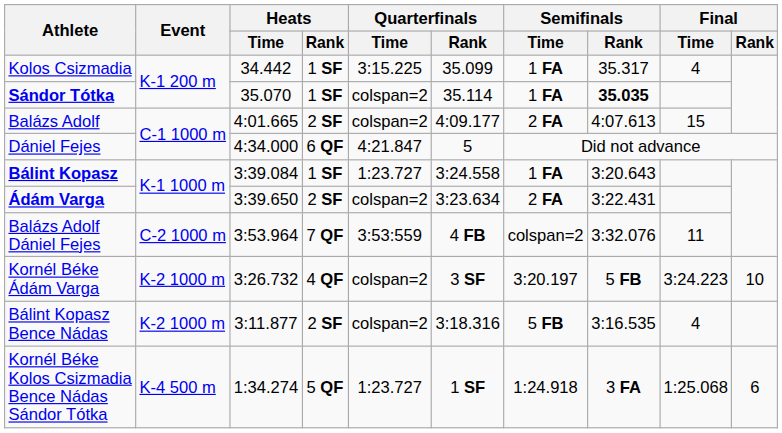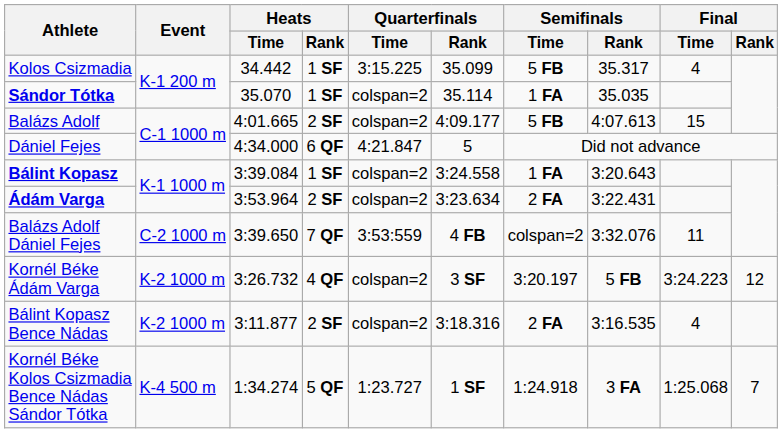 <table class=wikitable style="font-size:90%">
 <tr>
 <th rowspan="2">Athlete</th>
 <th rowspan="2">Event</th>
 <th colspan=2>Heats</th>
 <th colspan=2>Quarterfinals</th>
 <th colspan=2>Semifinals</th>
 <th colspan=2>Final</th>
 </tr>
 <tr style="font-size:95%">
 <th>Time</th>
 <th>Rank</th>
 <th>Time</th>
 <th>Rank</th>
 <th>Time</th>
 <th>Rank</th>
 <th>Time</th>
 <th>Rank</th>
 </tr>
 <tr align=center>
 <td align=left><a href='#'>Kolos Csizmadia</a></td>
 <td align=left rowspan=2><a href='#'>K-1 200 m</a></td>
 <td>34.442</td>
 <td>1 <strong>SF</strong></td>
 <td>3:15.225</td>
 <td>35.099</td>
-<td>1 <strong>FA</strong></td>
+<td>5 <strong>FB</strong></td>
 <td>35.317</td>
 <td>4</td>
 </tr>
 <tr align=center>
 <td align=left><strong><a href='#'>Sándor Tótka</a></strong></td>
 <td>35.070</td>
 <td>1 <strong>SF</strong></td>
 <td>colspan=2 </td>
 <td>35.114</td>
 <td>1 <strong>FA</strong></td>
-<td><strong>35.035</strong></td>
+<td>35.035</td>
 <td></td>
 </tr>
 <tr align=center>
 <td align=left><a href='#'>Balázs Adolf</a></td>
 <td align=left rowspan=2><a href='#'>C-1 1000 m</a></td>
 <td>4:01.665</td>
 <td>2 <strong>SF</strong></td>
 <td>colspan=2 </td>
 <td>4:09.177</td>
-<td>2 <strong>FA</strong></td>
+<td>5 <strong>FB</strong></td>
 <td>4:07.613</td>
 <td>15</td>
 </tr>
 <tr align=center>
 <td align=left><a href='#'>Dániel Fejes</a></td>
 <td>4:34.000</td>
 <td>6 <strong>QF</strong></td>
 <td>4:21.847</td>
 <td>5</td>
 <td colspan=4>Did not advance</td>
 </tr>
 <tr align="center">
 <td align="left"><strong><a href='#'>Bálint Kopasz</a></strong></td>
 <td align="left" rowspan=2><a href='#'>K-1 1000 m</a></td>
 <td>3:39.084</td>
 <td>1 <strong>SF</strong></td>
-<td>1:23.727</td>
+<td>colspan=2 </td>
 <td>3:24.558</td>
 <td>1 <strong>FA</strong></td>
 <td>3:20.643</td>
 <td></td>
 </tr>
 <tr align="center">
 <td align="left"><strong><a href='#'>Ádám Varga</a></strong></td>
-<td>3:39.650</td>
+<td>3:53.964</td>
 <td>2 <strong>SF</strong></td>
 <td>colspan=2 </td>
 <td>3:23.634</td>
 <td>2 <strong>FA</strong></td>
 <td>3:22.431</td>
 <td></td>
 </tr>
 <tr align=center>
 <td align=left><a href='#'>Balázs Adolf</a><br><a href='#'>Dániel Fejes</a></td>
 <td align=left><a href='#'>C-2 1000 m</a></td>
-<td>3:53.964</td>
+<td>3:39.650</td>
 <td>7 <strong>QF</strong></td>
 <td>3:53:559</td>
 <td>4 <strong>FB</strong></td>
 <td>colspan=2</td>
 <td>3:32.076</td>
 <td>11</td>
 </tr>
 <tr align="center">
 <td align="left"><a href='#'>Kornél Béke</a><br><a href='#'>Ádám Varga</a></td>
 <td align="left"><a href='#'>K-2 1000 m</a></td>
 <td>3:26.732</td>
 <td>4 <strong>QF</strong></td>
 <td>colspan=2 </td>
 <td>3 <strong>SF</strong></td>
 <td>3:20.197</td>
 <td>5 <strong>FB</strong></td>
 <td>3:24.223</td>
-<td>10</td>
+<td>12</td>
 </tr>
 <tr align="center">
 <td align="left"><a href='#'>Bálint Kopasz</a><br><a href='#'>Bence Nádas</a></td>
 <td align="left"><a href='#'>K-2 1000 m</a></td>
 <td>3:11.877</td>
 <td>2 <strong>SF</strong></td>
 <td>colspan=2 </td>
 <td>3:18.316</td>
-<td>5 <strong>FB</strong></td>
+<td>2 <strong>FA</strong></td>
 <td>3:16.535</td>
 <td>4</td>
 </tr>
 <tr align="center">
 <td align="left"><a href='#'>Kornél Béke</a><br> <a href='#'>Kolos Csizmadia</a><br><a href='#'>Bence Nádas</a><br><a href='#'>Sándor Tótka</a></td>
 <td align="left"><a href='#'>K-4 500 m</a></td>
 <td>1:34.274</td>
 <td>5 <strong>QF</strong></td>
 <td>1:23.727</td>
 <td>1 <strong>SF</strong></td>
 <td>1:24.918</td>
 <td>3 <strong>FA</strong></td>
 <td>1:25.068</td>
-<td>6</td>
+<td>7</td>
 </tr>
 </table>
